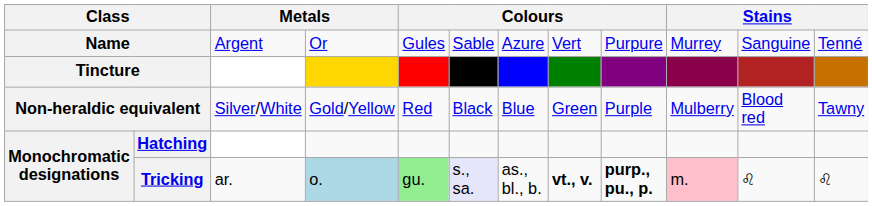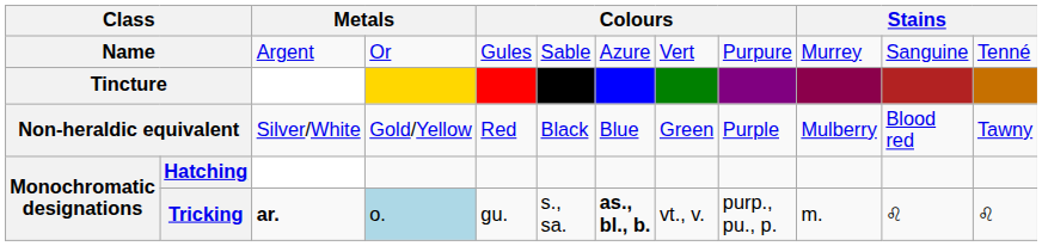 <table class="wikitable">
 <tr>
 <th colspan="2">Class</th>
 <th colspan="2">Metals</th>
 <th colspan="5">Colours</th>
 <th colspan="3"><a href='#'>Stains</a></th>
 </tr>
 <tr>
 <th colspan="2">Name</th>
 <td><a href='#'>Argent</a></td>
 <td><a href='#'>Or</a></td>
 <td><a href='#'>Gules</a></td>
 <td><a href='#'>Sable</a></td>
 <td><a href='#'>Azure</a></td>
 <td><a href='#'>Vert</a></td>
 <td><a href='#'>Purpure</a></td>
 <td><a href='#'>Murrey</a></td>
 <td><a href='#'>Sanguine</a></td>
 <td><a href='#'>Tenné</a></td>
 </tr>
 <tr style="height:30px">
 <th colspan="2">Tincture</th>
 <td style="background:white"></td>
 <td style="background:gold"></td>
 <td style="background:red"></td>
 <td style="background:black"></td>
 <td style="background:blue"></td>
 <td style="background:green"></td>
 <td style="background:purple"></td>
 <td style="background:#8b004b" title="#8b004b"></td>
 <td style="background:FireBrick"></td>
 <td style="background:#c67000" title="#c67000"></td>
 </tr>
 <tr>
 <th colspan="2">Non-heraldic equivalent</th>
 <td><a href='#'>Silver</a>/<a href='#'>White</a></td>
 <td><a href='#'>Gold</a>/<a href='#'>Yellow</a></td>
 <td><a href='#'>Red</a></td>
 <td><a href='#'>Black</a></td>
 <td><a href='#'>Blue</a></td>
 <td><a href='#'>Green</a></td>
 <td><a href='#'>Purple</a></td>
 <td><a href='#'>Mulberry</a></td>
 <td><a href='#'>Blood red</a></td>
 <td><a href='#'>Tawny</a></td>
 </tr>
 <tr>
 <th rowspan="2">Monochromatic <br>designations</th>
 <th><a href='#'>Hatching</a></th>
 <td style="background:white"></td>
 <td></td>
 <td></td>
 <td></td>
 <td></td>
 <td></td>
 <td></td>
 <td></td>
 <td></td>
 <td></td>
 </tr>
 <tr>
 <th><a href='#'>Tricking</a> </th>
-<td>ar.</td>
+<td><strong>ar.</strong></td>
 <td style="background: lightblue;">o.</td>
-<td style="background: lightgreen;">gu.</td>
-<td style="background: lavender;">s., sa.</td>
-<td>as., bl., b.</td>
-<td><strong>vt., v.</strong></td>
-<td><strong>purp., pu., p.</strong></td>
-<td style="background: pink;">m.</td>
+<td>gu.</td>
+<td>s., sa.</td>
+<td><strong>as., bl., b.</strong></td>
+<td>vt., v.</td>
+<td>purp., pu., p.</td>
+<td>m.</td>
 <td>♌︎</td>
 <td>♌︎</td>
 </tr>
 </table>
